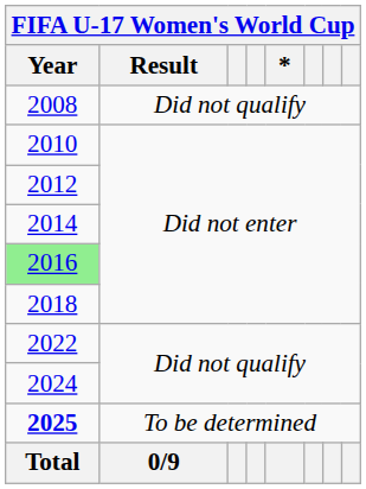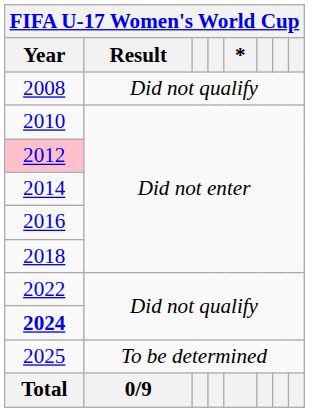 <table class="wikitable" style="text-align: center;">
 <tr>
 <th colspan=9><a href='#'>FIFA U-17 Women's World Cup</a></th>
 </tr>
 <tr>
 <th>Year</th>
 <th>Result</th>
 <th></th>
 <th></th>
 <th> *</th>
 <th></th>
 <th></th>
 <th></th>
 </tr>
 <tr>
 <td> <a href='#'>2008</a></td>
 <td colspan=8><em>Did not qualify</em></td>
 </tr>
 <tr>
 <td> <a href='#'>2010</a></td>
 <td rowspan=5 colspan=8><em>Did not enter</em></td>
 </tr>
 <tr>
-<td> <a href='#'>2012</a></td>
+<td style="background: pink;"> <a href='#'>2012</a></td>
 </tr>
 <tr>
 <td> <a href='#'>2014</a></td>
 </tr>
 <tr>
-<td style="background: lightgreen;"> <a href='#'>2016</a></td>
+<td> <a href='#'>2016</a></td>
 </tr>
 <tr>
 <td> <a href='#'>2018</a></td>
 </tr>
 <tr>
 <td> <a href='#'>2022</a></td>
 <td rowspan=2 colspan=8><em>Did not qualify</em></td>
 </tr>
 <tr>
-<td> <a href='#'>2024</a></td>
+<td><strong> <a href='#'>2024</a></strong></td>
 </tr>
 <tr>
-<td><strong> <a href='#'>2025</a></strong></td>
+<td> <a href='#'>2025</a></td>
 <td colspan=8><em>To be determined</em></td>
 </tr>
 <tr>
 <th>Total</th>
 <th>0/9</th>
 <th></th>
 <th></th>
 <th></th>
 <th></th>
 <th></th>
 <th></th>
 </tr>
 </table>
